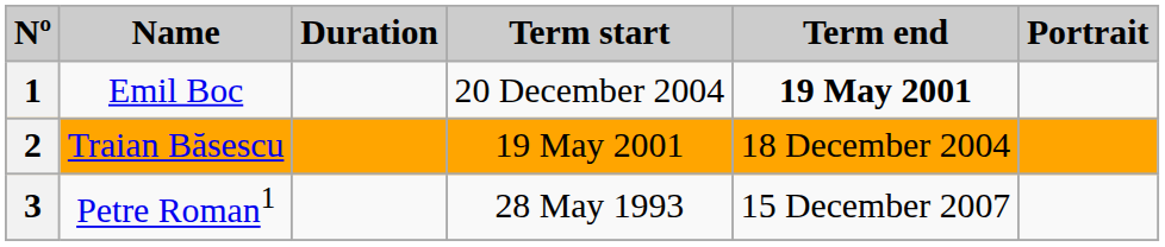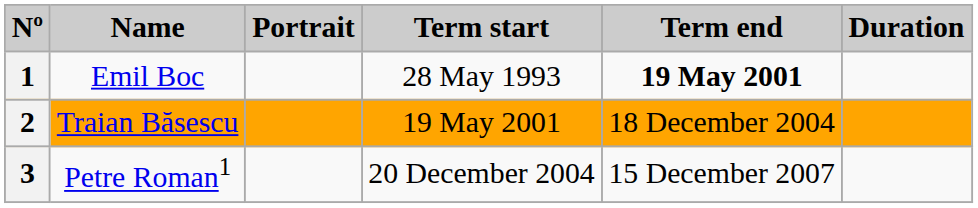 <table class="wikitable" style="text-align:center;">
 <tr>
 <th style="background:#ccc;">Nº</th>
 <th style="background:#ccc;">Name<br></th>
-<th style="background:#ccc;">Duration</th>
+<th style="background:#ccc;">Portrait</th>
 <th style="background:#ccc;">Term start</th>
 <th style="background:#ccc;">Term end</th>
-<th style="background:#ccc;">Portrait</th>
+<th style="background:#ccc;">Duration</th>
 </tr>
 <tr style="background:">
 <th>1</th>
 <td><a href='#'>Emil Boc</a><br></td>
 <td></td>
-<td>20 December 2004</td>
+<td>28 May 1993</td>
 <td><strong>19 May 2001</strong></td>
 <td></td>
 </tr>
 <tr style="background:#ffa500">
 <th>2</th>
 <td><a href='#'>Traian Băsescu</a><br></td>
 <td></td>
 <td>19 May 2001</td>
 <td>18 December 2004</td>
 <td></td>
 </tr>
 <tr style="background:">
 <th>3</th>
 <td><a href='#'>Petre Roman</a><sup>1</sup><br></td>
 <td></td>
-<td>28 May 1993</td>
+<td>20 December 2004</td>
 <td>15 December 2007</td>
 <td></td>
 </tr>
 </table>
